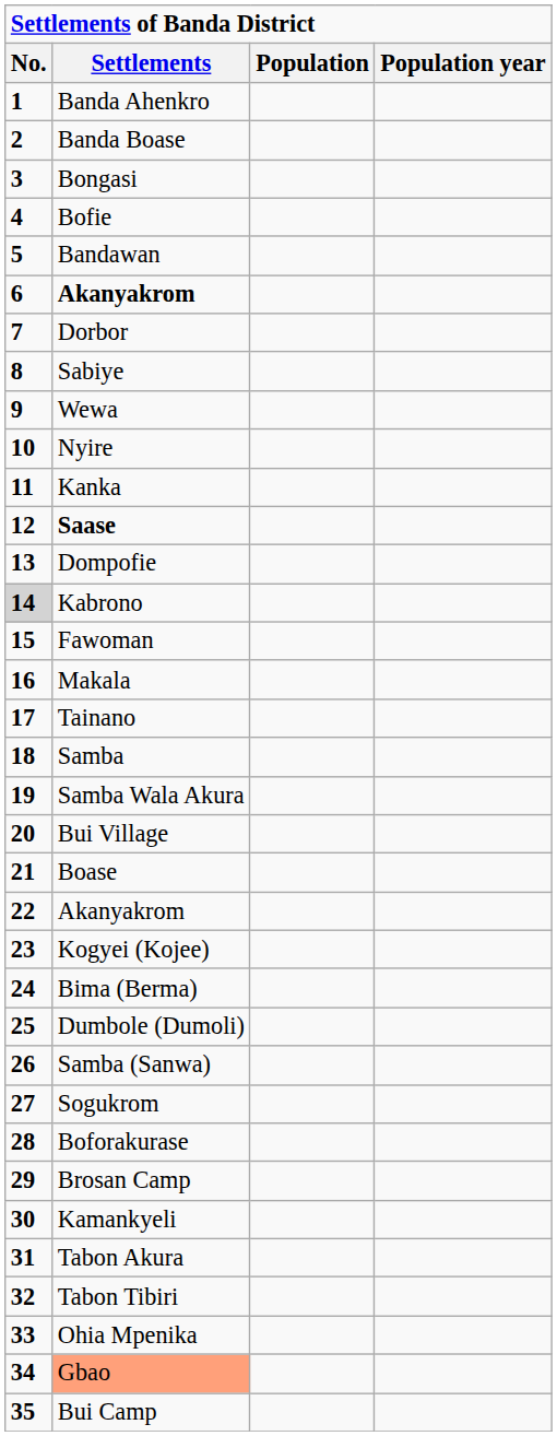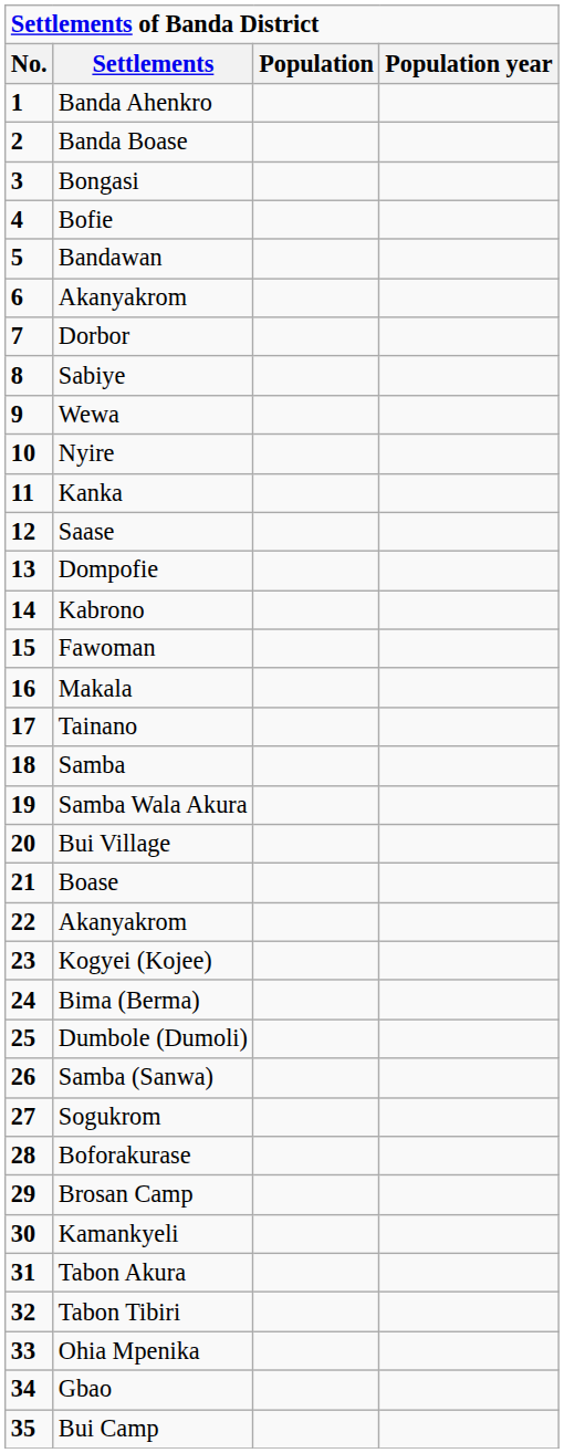 <table class="wikitable sortable">
 <tr>
 <td colspan="4"><strong><a href='#'>Settlements</a> of Banda District</strong></td>
 </tr>
 <tr>
 <th>No.</th>
 <th><strong><a href='#'>Settlements</a></strong></th>
 <th>Population</th>
 <th>Population year</th>
 </tr>
 <tr>
 <td><strong>1</strong></td>
 <td>Banda Ahenkro</td>
 <td></td>
 <td></td>
 </tr>
 <tr>
 <td><strong>2</strong></td>
 <td>Banda Boase</td>
 <td></td>
 <td></td>
 </tr>
 <tr>
 <td><strong>3</strong></td>
 <td>Bongasi</td>
 <td></td>
 <td></td>
 </tr>
 <tr>
 <td><strong>4</strong></td>
 <td>Bofie</td>
 <td></td>
 <td></td>
 </tr>
 <tr>
 <td><strong>5</strong></td>
 <td>Bandawan</td>
 <td></td>
 <td></td>
 </tr>
 <tr>
 <td><strong>6</strong></td>
-<td><strong>Akanyakrom</strong></td>
+<td>Akanyakrom</td>
 <td></td>
 <td></td>
 </tr>
 <tr>
 <td><strong>7</strong></td>
 <td>Dorbor</td>
 <td></td>
 <td></td>
 </tr>
 <tr>
 <td><strong>8</strong></td>
 <td>Sabiye</td>
 <td></td>
 <td></td>
 </tr>
 <tr>
 <td><strong>9</strong></td>
 <td>Wewa</td>
 <td></td>
 <td></td>
 </tr>
 <tr>
 <td><strong>10</strong></td>
 <td>Nyire</td>
 <td></td>
 <td></td>
 </tr>
 <tr>
 <td><strong>11</strong></td>
 <td>Kanka</td>
 <td></td>
 <td></td>
 </tr>
 <tr>
 <td><strong>12</strong></td>
-<td><strong>Saase</strong></td>
+<td>Saase</td>
 <td></td>
 <td></td>
 </tr>
 <tr>
 <td><strong>13</strong></td>
 <td>Dompofie</td>
 <td></td>
 <td></td>
 </tr>
 <tr>
-<td style="background: lightgrey;"><strong>14</strong></td>
+<td><strong>14</strong></td>
 <td>Kabrono</td>
 <td></td>
 <td></td>
 </tr>
 <tr>
 <td><strong>15</strong></td>
 <td>Fawoman</td>
 <td></td>
 <td></td>
 </tr>
 <tr>
 <td><strong>16</strong></td>
 <td>Makala</td>
 <td></td>
 <td></td>
 </tr>
 <tr>
 <td><strong>17</strong></td>
 <td>Tainano</td>
 <td></td>
 <td></td>
 </tr>
 <tr>
 <td><strong>18</strong></td>
 <td>Samba</td>
 <td></td>
 <td></td>
 </tr>
 <tr>
 <td><strong>19</strong></td>
 <td>Samba Wala Akura</td>
 <td></td>
 <td></td>
 </tr>
 <tr>
 <td><strong>20</strong></td>
 <td>Bui Village</td>
 <td></td>
 <td></td>
 </tr>
 <tr>
 <td><strong>21</strong></td>
 <td>Boase</td>
 <td></td>
 <td></td>
 </tr>
 <tr>
 <td><strong>22</strong></td>
 <td>Akanyakrom</td>
 <td></td>
 <td></td>
 </tr>
 <tr>
 <td><strong>23</strong></td>
 <td>Kogyei (Kojee)</td>
 <td></td>
 <td></td>
 </tr>
 <tr>
 <td><strong>24</strong></td>
 <td>Bima (Berma)</td>
 <td></td>
 <td></td>
 </tr>
 <tr>
 <td><strong>25</strong></td>
 <td>Dumbole (Dumoli)</td>
 <td></td>
 <td></td>
 </tr>
 <tr>
 <td><strong>26</strong></td>
 <td>Samba (Sanwa)</td>
 <td></td>
 <td></td>
 </tr>
 <tr>
 <td><strong>27</strong></td>
 <td>Sogukrom</td>
 <td></td>
 <td></td>
 </tr>
 <tr>
 <td><strong>28</strong></td>
 <td>Boforakurase</td>
 <td></td>
 <td></td>
 </tr>
 <tr>
 <td><strong>29</strong></td>
 <td>Brosan Camp</td>
 <td></td>
 <td></td>
 </tr>
 <tr>
 <td><strong>30</strong></td>
 <td>Kamankyeli</td>
 <td></td>
 <td></td>
 </tr>
 <tr>
 <td><strong>31</strong></td>
 <td>Tabon Akura</td>
 <td></td>
 <td></td>
 </tr>
 <tr>
 <td><strong>32</strong></td>
 <td>Tabon Tibiri</td>
 <td></td>
 <td></td>
 </tr>
 <tr>
 <td><strong>33</strong></td>
 <td>Ohia Mpenika</td>
 <td></td>
 <td></td>
 </tr>
 <tr>
 <td><strong>34</strong></td>
-<td style="background: lightsalmon;">Gbao</td>
+<td>Gbao</td>
 <td></td>
 <td></td>
 </tr>
 <tr>
 <td><strong>35</strong></td>
 <td>Bui Camp</td>
 <td></td>
 <td></td>
 </tr>
 </table>
